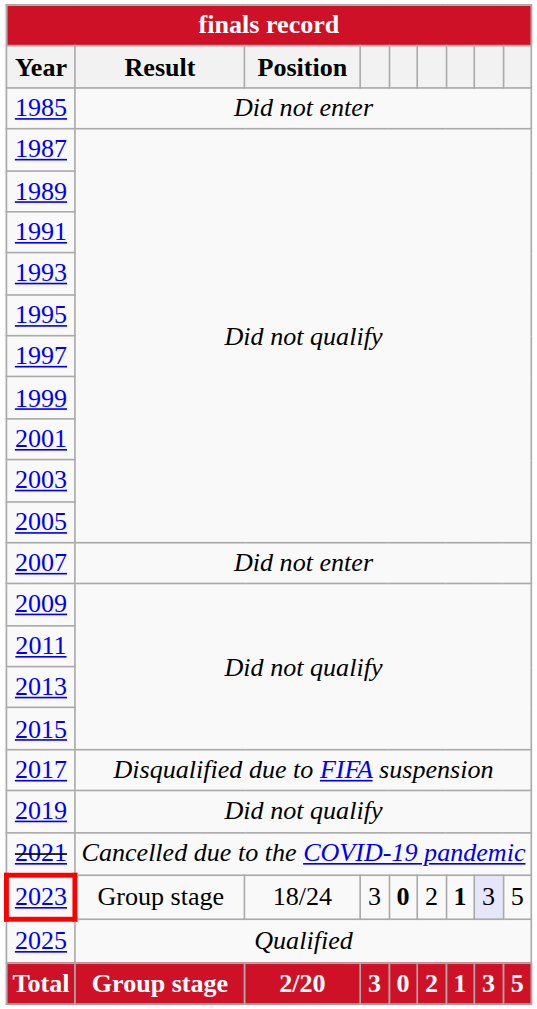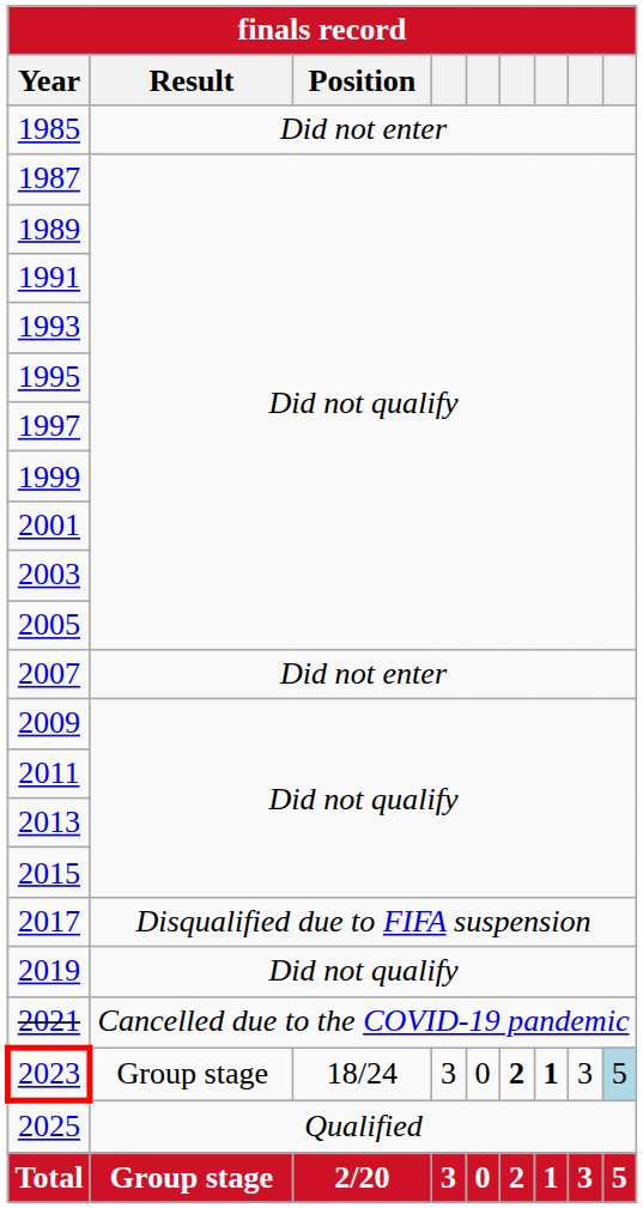 <table class="wikitable" style="text-align: center;">
 <tr>
 <th colspan=9 style="background: #CE1126; color: #FFFFFF;"><a href='#'></a> finals record</th>
 </tr>
 <tr>
 <th>Year</th>
 <th>Result</th>
 <th>Position</th>
 <th></th>
 <th></th>
 <th></th>
 <th></th>
 <th></th>
 <th></th>
 </tr>
 <tr>
 <td> <a href='#'>1985</a></td>
 <td colspan=8><em>Did not enter</em></td>
 </tr>
 <tr>
 <td> <a href='#'>1987</a></td>
 <td colspan=8 rowspan=10><em>Did not qualify</em></td>
 </tr>
 <tr>
 <td> <a href='#'>1989</a></td>
 </tr>
 <tr>
 <td> <a href='#'>1991</a></td>
 </tr>
 <tr>
 <td> <a href='#'>1993</a></td>
 </tr>
 <tr>
 <td> <a href='#'>1995</a></td>
 </tr>
 <tr>
 <td> <a href='#'>1997</a></td>
 </tr>
 <tr>
 <td> <a href='#'>1999</a></td>
 </tr>
 <tr>
 <td> <a href='#'>2001</a></td>
 </tr>
 <tr>
 <td> <a href='#'>2003</a></td>
 </tr>
 <tr>
 <td> <a href='#'>2005</a></td>
 </tr>
 <tr>
 <td> <a href='#'>2007</a></td>
 <td colspan=8><em>Did not enter</em></td>
 </tr>
 <tr>
 <td> <a href='#'>2009</a></td>
 <td colspan=8 rowspan=4><em>Did not qualify</em></td>
 </tr>
 <tr>
 <td> <a href='#'>2011</a></td>
 </tr>
 <tr>
 <td> <a href='#'>2013</a></td>
 </tr>
 <tr>
 <td> <a href='#'>2015</a></td>
 </tr>
 <tr>
 <td> <a href='#'>2017</a></td>
 <td colspan=8><em>Disqualified due to <a href='#'>FIFA</a> suspension</em></td>
 </tr>
 <tr>
 <td> <a href='#'>2019</a></td>
 <td colspan=8><em>Did not qualify</em></td>
 </tr>
 <tr>
 <td> <s><a href='#'>2021</a></s></td>
 <td colspan=8><em>Cancelled due to the <a href='#'>COVID-19 pandemic</a></em></td>
 </tr>
 <tr>
 <td style="border: 3px solid red"> <a href='#'>2023</a></td>
 <td>Group stage</td>
 <td>18/24</td>
 <td>3</td>
-<td><strong>0</strong></td>
-<td>2</td>
+<td>0</td>
+<td><strong>2</strong></td>
 <td><strong>1</strong></td>
-<td style="background: lavender;">3</td>
-<td>5</td>
+<td>3</td>
+<td style="background: lightblue;">5</td>
 </tr>
 <tr>
 <td> <a href='#'>2025</a></td>
 <td colspan=8><em>Qualified</em></td>
 </tr>
 <tr style="background: #CE1126; color: #FFFFFF;|">
 <td><strong>Total</strong></td>
 <td><strong>Group stage</strong></td>
 <td><strong>2/20</strong></td>
 <td><strong>3</strong></td>
 <td><strong>0</strong></td>
 <td><strong>2</strong></td>
 <td><strong>1</strong></td>
 <td><strong>3</strong></td>
 <td><strong>5</strong></td>
 </tr>
 </table>
